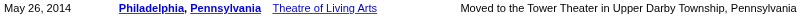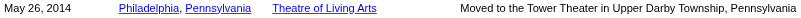 <table cellpadding="2" style="border:0 solid darkgrey; font-size:90%">
 <tr>
 <th style="width:150px;"></th>
 <th style="width:200px;"></th>
 <th style="width:250px;"></th>
 <th style="width:700px;"></th>
 </tr>
 <tr border="0">
 </tr>
 <tr>
 <td>May 26, 2014</td>
-<td><strong><a href='#'>Philadelphia</a>, <a href='#'>Pennsylvania</a></strong></td>
+<td><a href='#'>Philadelphia</a>, <a href='#'>Pennsylvania</a></td>
 <td><a href='#'>Theatre of Living Arts</a></td>
 <td>Moved to the Tower Theater in Upper Darby Township, Pennsylvania</td>
 </tr>
 <tr>
 </tr>
 </table>
